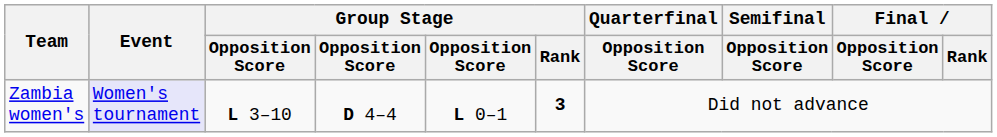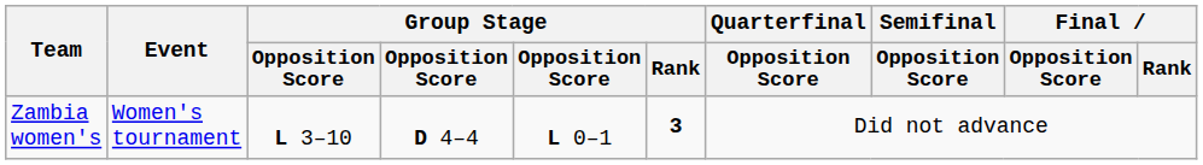 <table class="wikitable" style="font-size:90%">
 <tr>
 <th rowspan=2>Team</th>
 <th rowspan=2>Event</th>
 <th colspan=4>Group Stage</th>
 <th>Quarterfinal</th>
 <th>Semifinal</th>
 <th colspan=2>Final / </th>
 </tr>
 <tr style="font-size:95%">
 <th>Opposition<br>Score</th>
 <th>Opposition<br>Score</th>
 <th>Opposition<br>Score</th>
 <th>Rank</th>
 <th>Opposition<br>Score</th>
 <th>Opposition<br>Score</th>
 <th>Opposition<br>Score</th>
 <th>Rank</th>
 </tr>
 <tr align=center>
 <td align=left><a href='#'>Zambia women's</a></td>
-<td align=left style="background: lavender;"><a href='#'>Women's tournament</a></td>
+<td align=left><a href='#'>Women's tournament</a></td>
 <td><br><strong>L</strong> 3–10</td>
 <td><br><strong>D</strong> 4–4</td>
 <td><br><strong>L</strong> 0–1</td>
 <td><strong>3</strong></td>
 <td colspan=4>Did not advance</td>
 </tr>
 </table>
